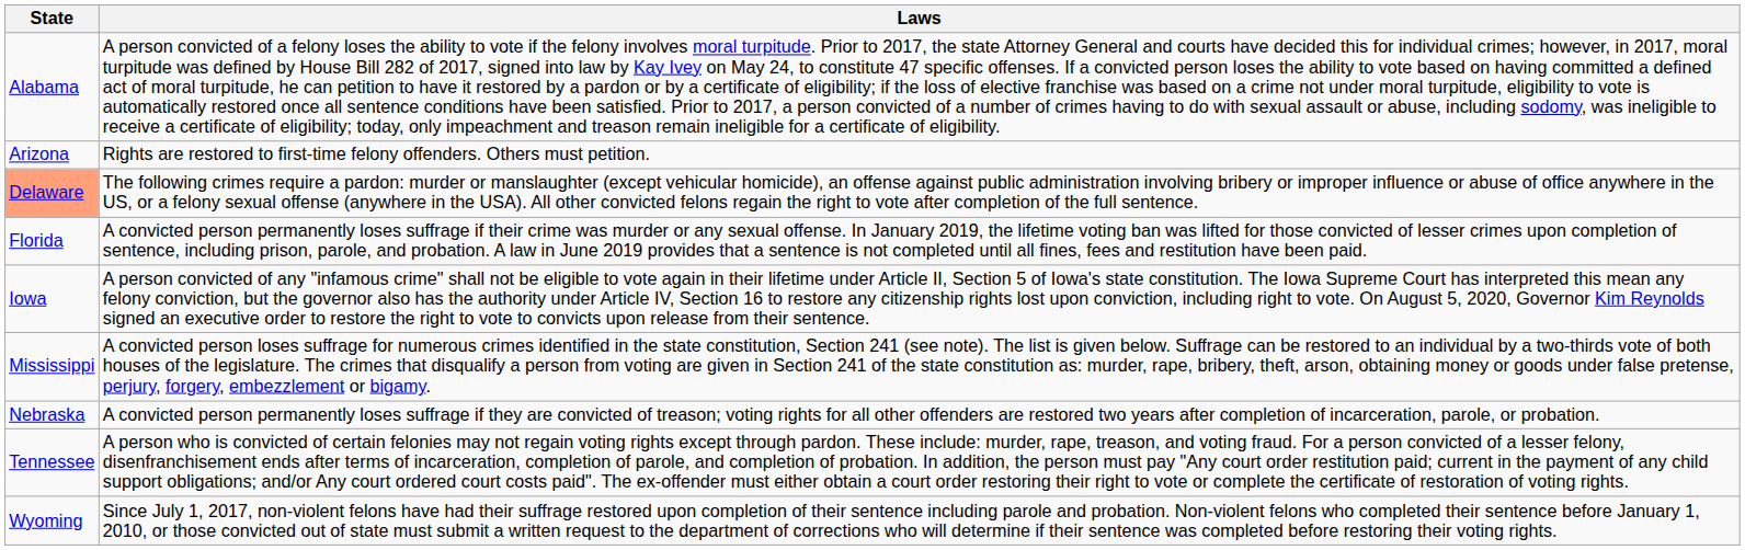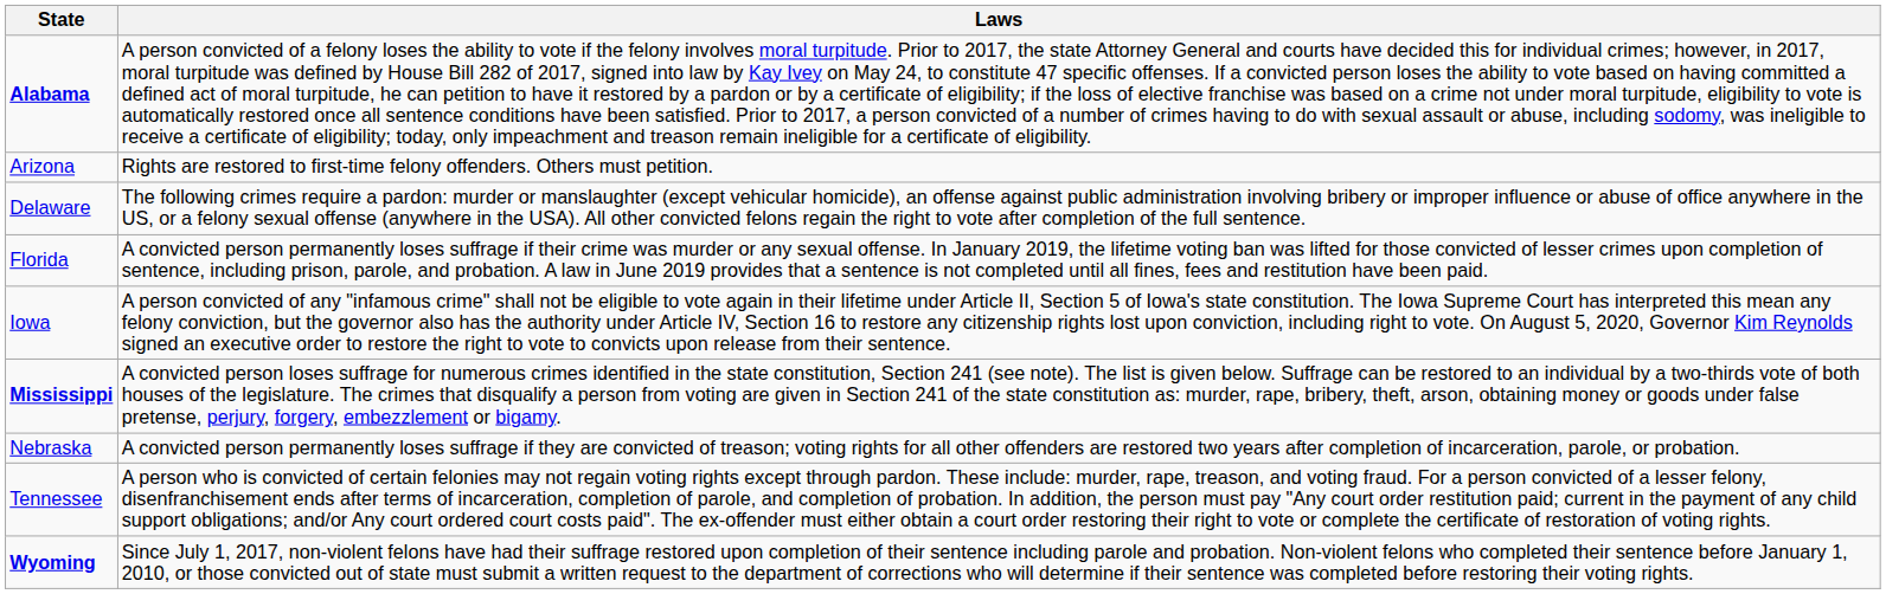 <table class="wikitable">
 <tr>
 <th>State</th>
 <th>Laws</th>
 </tr>
 <tr>
-<td><a href='#'>Alabama</a></td>
+<td><strong><a href='#'>Alabama</a></strong></td>
 <td>A person convicted of a felony loses the ability to vote if the felony involves <a href='#'>moral turpitude</a>. Prior to 2017, the state Attorney General and courts have decided this for individual crimes; however, in 2017, moral turpitude was defined by House Bill 282 of 2017, signed into law by <a href='#'>Kay Ivey</a> on May 24, to constitute 47 specific offenses. If a convicted person loses the ability to vote based on having committed a defined act of moral turpitude, he can petition to have it restored by a pardon or by a certificate of eligibility; if the loss of elective franchise was based on a crime not under moral turpitude, eligibility to vote is automatically restored once all sentence conditions have been satisfied. Prior to 2017, a person convicted of a number of crimes having to do with sexual assault or abuse, including <a href='#'>sodomy</a>, was ineligible to receive a certificate of eligibility; today, only impeachment and treason remain ineligible for a certificate of eligibility.</td>
 </tr>
 <tr>
 <td><a href='#'>Arizona</a></td>
 <td>Rights are restored to first-time felony offenders. Others must petition.</td>
 </tr>
 <tr>
-<td style="background: lightsalmon;"><a href='#'>Delaware</a></td>
+<td><a href='#'>Delaware</a></td>
 <td>The following crimes require a pardon: murder or manslaughter (except vehicular homicide), an offense against public administration involving bribery or improper influence or abuse of office anywhere in the US, or a felony sexual offense (anywhere in the USA). All other convicted felons regain the right to vote after completion of the full sentence.</td>
 </tr>
 <tr>
 <td><a href='#'>Florida</a></td>
 <td>A convicted person permanently loses suffrage if their crime was murder or any sexual offense. In January 2019, the lifetime voting ban was lifted for those convicted of lesser crimes upon completion of sentence, including prison, parole, and probation. A law in June 2019 provides that a sentence is not completed until all fines, fees and restitution have been paid.</td>
 </tr>
 <tr>
 <td><a href='#'>Iowa</a></td>
 <td>A person convicted of any "infamous crime" shall not be eligible to vote again in their lifetime under Article II, Section 5 of Iowa's state constitution. The Iowa Supreme Court has interpreted this mean any felony conviction, but the governor also has the authority under Article IV, Section 16 to restore any citizenship rights lost upon conviction, including right to vote. On August 5, 2020, Governor <a href='#'>Kim Reynolds</a> signed an executive order to restore the right to vote to convicts upon release from their sentence.</td>
 </tr>
 <tr>
-<td><a href='#'>Mississippi</a></td>
+<td><strong><a href='#'>Mississippi</a></strong></td>
 <td>A convicted person loses suffrage for numerous crimes identified in the state constitution, Section 241 (see note). The list is given below. Suffrage can be restored to an individual by a two-thirds vote of both houses of the legislature. The crimes that disqualify a person from voting are given in Section 241 of the state constitution as: murder, rape, bribery, theft, arson, obtaining money or goods under false pretense, <a href='#'>perjury</a>, <a href='#'>forgery</a>, <a href='#'>embezzlement</a> or <a href='#'>bigamy</a>.</td>
 </tr>
 <tr>
 <td><a href='#'>Nebraska</a></td>
 <td>A convicted person permanently loses suffrage if they are convicted of treason; voting rights for all other offenders are restored two years after completion of incarceration, parole, or probation.</td>
 </tr>
 <tr>
 <td><a href='#'>Tennessee</a></td>
 <td>A person who is convicted of certain felonies may not regain voting rights except through pardon. These include: murder, rape, treason, and voting fraud. For a person convicted of a lesser felony, disenfranchisement ends after terms of incarceration, completion of parole, and completion of probation. In addition, the person must pay "Any court order restitution paid; current in the payment of any child support obligations; and/or Any court ordered court costs paid". The ex-offender must either obtain a court order restoring their right to vote or complete the certificate of restoration of voting rights.</td>
 </tr>
 <tr>
-<td><a href='#'>Wyoming</a></td>
+<td><strong><a href='#'>Wyoming</a></strong></td>
 <td>Since July 1, 2017, non-violent felons have had their suffrage restored upon completion of their sentence including parole and probation. Non-violent felons who completed their sentence before January 1, 2010, or those convicted out of state must submit a written request to the department of corrections who will determine if their sentence was completed before restoring their voting rights.</td>
 </tr>
 </table>
